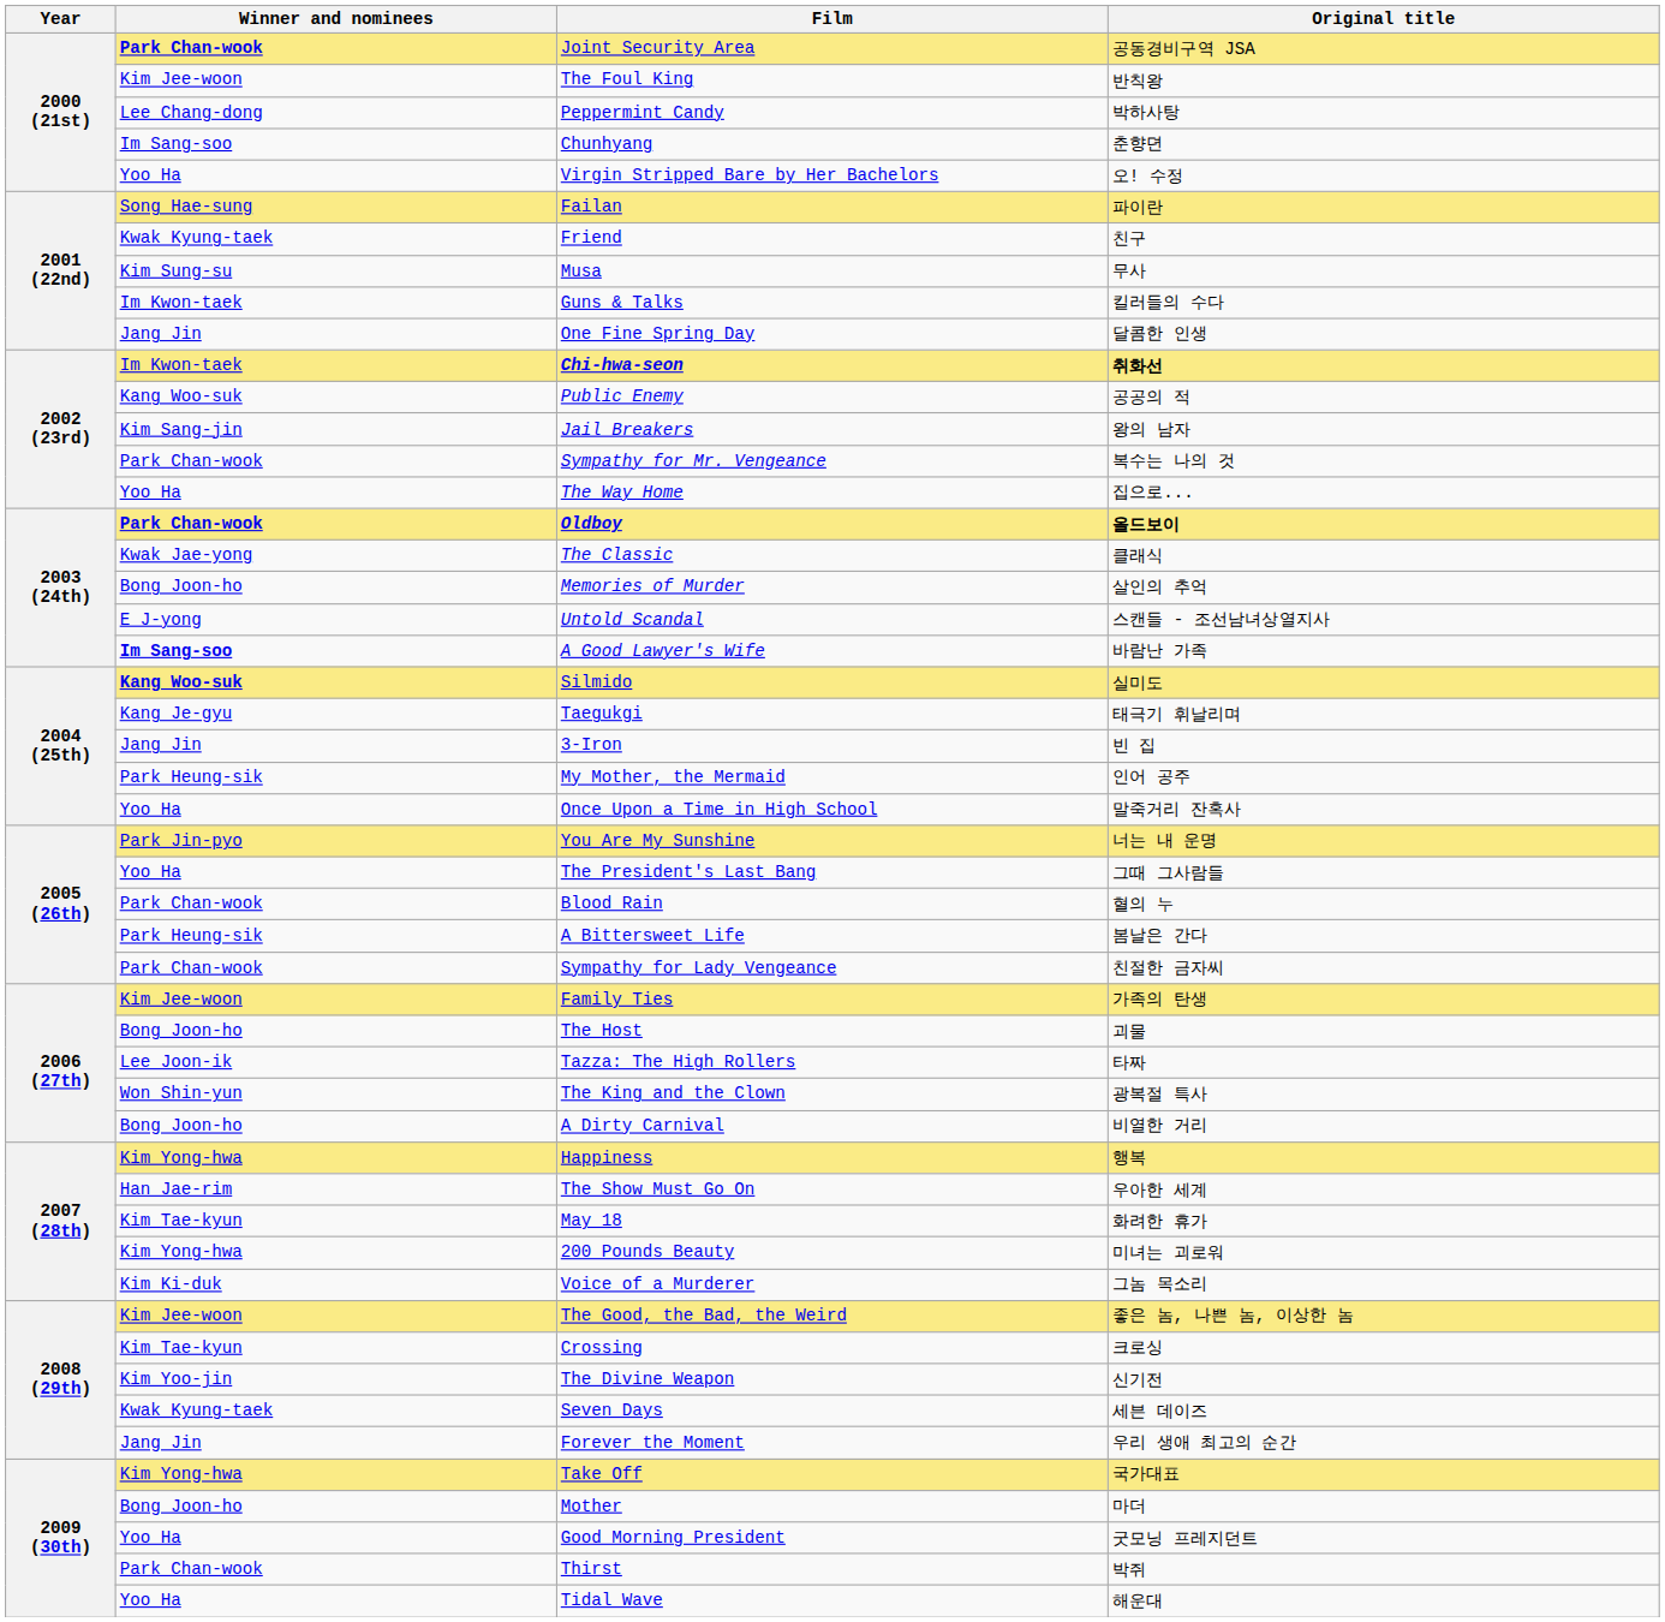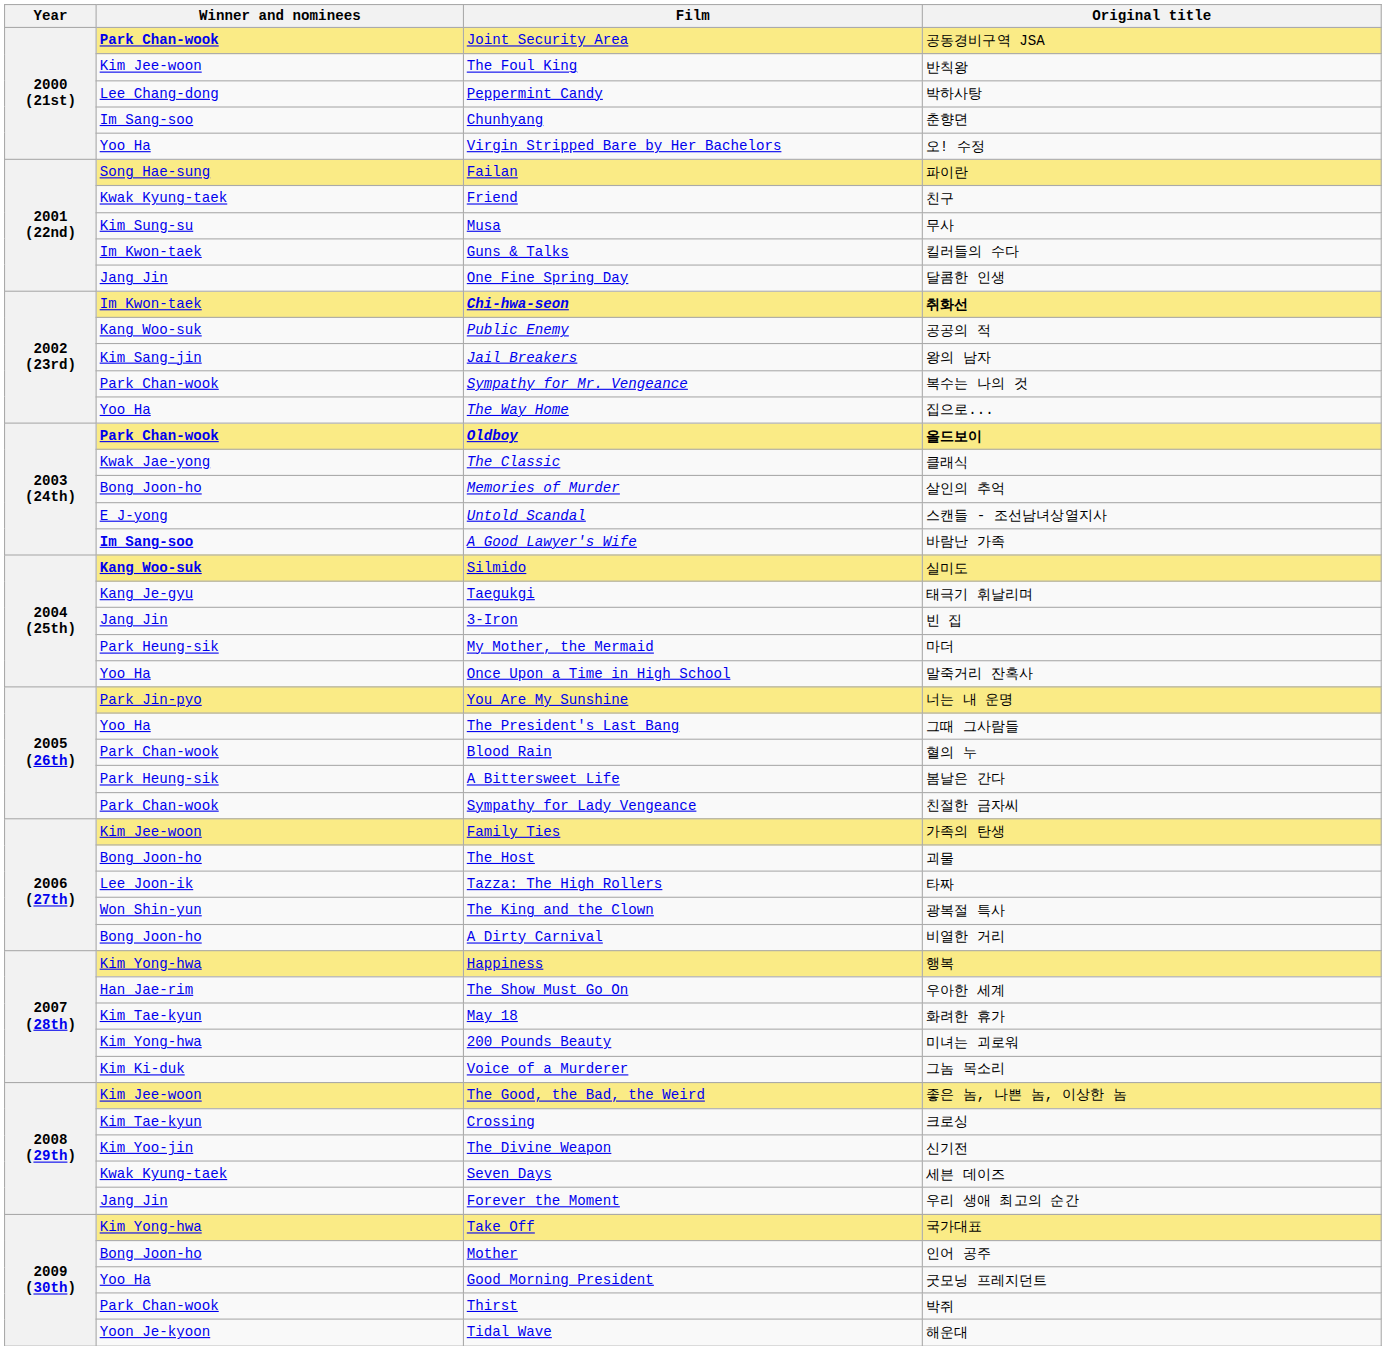 <table class="wikitable" style="width:100%;" cellpadding="6">
 <tr>
 <th style="width:5%;">Year</th>
 <th style="width:20%;">Winner and nominees</th>
 <th style="width:25%;">Film</th>
 <th style="width:25%;">Original title</th>
 </tr>
 <tr>
 <th rowspan="5"><div>2000<br>(21st) </div></th>
 <td style="background:#FAEB86;"><strong><a href='#'>Park Chan-wook</a> <em><strong><em></td>
 <td style="background:#FAEB86;"></em><a href='#'></strong>Joint Security Area<strong></a><em></td>
 <td style="background:#FAEB86;"></strong>공동경비구역 JSA<strong></td>
 </tr>
 <tr>
 <td><a href='#'>Kim Jee-woon</a></td>
 <td></em><a href='#'>The Foul King</a><em></td>
 <td>반칙왕</td>
 </tr>
 <tr>
 <td><a href='#'>Lee Chang-dong</a></td>
 <td></em><a href='#'>Peppermint Candy</a><em></td>
 <td>박하사탕</td>
 </tr>
 <tr>
 <td><a href='#'>Im Sang-soo</a></td>
 <td><a href='#'></em>Chunhyang<em></a></td>
 <td>춘향뎐</td>
 </tr>
 <tr>
 <td><a href='#'>Yoo Ha</a></td>
 <td></em><a href='#'>Virgin Stripped Bare by Her Bachelors</a><em></td>
 <td>오! 수정</td>
 </tr>
 <tr>
 <th rowspan="5"><div>2001<br>(22nd) </div></th>
 <td style="background:#FAEB86;"></strong><a href='#'>Song Hae-sung</a><strong> </em></strong><strong><em></td>
 <td style="background:#FAEB86;"></em></strong><a href='#'>Failan</a><strong><em></td>
 <td style="background:#FAEB86;"></strong>파이란<strong></td>
 </tr>
 <tr>
 <td><a href='#'>Kwak Kyung-taek</a></td>
 <td><a href='#'></em>Friend<em></a></td>
 <td>친구</td>
 </tr>
 <tr>
 <td><a href='#'>Kim Sung-su</a></td>
 <td><a href='#'></em>Musa<em></a></td>
 <td>무사</td>
 </tr>
 <tr>
 <td><a href='#'>Im Kwon-taek</a></td>
 <td></em><a href='#'>Guns & Talks</a><em></td>
 <td>킬러들의 수다</td>
 </tr>
 <tr>
 <td><a href='#'>Jang Jin</a></td>
 <td></em><a href='#'>One Fine Spring Day</a><em></td>
 <td>달콤한 인생</td>
 </tr>
 <tr>
 <th rowspan="5"><div>2002<br>(23rd) </div></th>
 <td style="background:#FAEB86;"></strong><a href='#'>Im Kwon-taek</a> </em></em></strong></td>
 <td style="background:#FAEB86;"><strong><em><a href='#'>Chi-hwa-seon</a></em></strong></td>
 <td style="background:#FAEB86;"><strong>취화선</strong></td>
 </tr>
 <tr>
 <td><a href='#'>Kang Woo-suk</a></td>
 <td><a href='#'><em>Public Enemy</em></a></td>
 <td>공공의 적</td>
 </tr>
 <tr>
 <td><a href='#'>Kim Sang-jin</a></td>
 <td><em><a href='#'>Jail Breakers</a></em></td>
 <td>왕의 남자</td>
 </tr>
 <tr>
 <td><a href='#'>Park Chan-wook</a></td>
 <td><em><a href='#'>Sympathy for Mr. Vengeance</a></em></td>
 <td>복수는 나의 것</td>
 </tr>
 <tr>
 <td><a href='#'>Yoo Ha</a></td>
 <td><a href='#'><em>The Way Home</em></a></td>
 <td>집으로...</td>
 </tr>
 <tr>
 <th rowspan="5"><div>2003<br>(24th) </div></th>
 <td style="background:#FAEB86;"><strong><a href='#'>Park Chan-wook</a></strong> <em></em></td>
 <td style="background:#FAEB86;"><a href='#'><strong><em>Oldboy</em></strong></a></td>
 <td style="background:#FAEB86;"><strong>올드보이</strong></td>
 </tr>
 <tr>
 <td><a href='#'>Kwak Jae-yong</a></td>
 <td><em><a href='#'>The Classic</a></em></td>
 <td>클래식</td>
 </tr>
 <tr>
 <td><a href='#'>Bong Joon-ho</a></td>
 <td><em><a href='#'>Memories of Murder</a></em></td>
 <td>살인의 추억</td>
 </tr>
 <tr>
 <td><a href='#'>E J-yong</a></td>
 <td><em><a href='#'>Untold Scandal</a></em></td>
 <td>스캔들 - 조선남녀상열지사</td>
 </tr>
 <tr>
 <td><strong><a href='#'>Im Sang-soo</a></strong></td>
 <td><em><a href='#'>A Good Lawyer's Wife</a></em></td>
 <td>바람난 가족</td>
 </tr>
 <tr>
 <th rowspan="5"><div>2004<br>(25th) </div></th>
 <td style="background:#FAEB86;"><strong><a href='#'>Kang Woo-suk</a> <em><strong><em></td>
 <td style="background:#FAEB86;"></em></strong><a href='#'>Silmido</a><strong><em></td>
 <td style="background:#FAEB86;"></strong>실미도<strong></td>
 </tr>
 <tr>
 <td><a href='#'>Kang Je-gyu</a></td>
 <td><a href='#'></em>Taegukgi<em></a></td>
 <td>태극기 휘날리며</td>
 </tr>
 <tr>
 <td><a href='#'>Jang Jin</a></td>
 <td></em><a href='#'>3-Iron</a><em></td>
 <td>빈 집</td>
 </tr>
 <tr>
 <td><a href='#'>Park Heung-sik</a></td>
 <td></em><a href='#'>My Mother, the Mermaid</a><em></td>
-<td>인어 공주</td>
+<td>마더</td>
 </tr>
 <tr>
 <td><a href='#'>Yoo Ha</a></td>
 <td></em><a href='#'>Once Upon a Time in High School</a><em></td>
 <td>말죽거리 잔혹사</td>
 </tr>
 <tr>
 <th rowspan="5">2005<br>(<a href='#'>26th</a>)</th>
 <td style="background:#FAEB86;"></strong><a href='#'>Park Jin-pyo</a><strong> </em><em></td>
 <td style="background:#FAEB86;"><a href='#'></em></strong>You Are My Sunshine<strong><em></a></td>
 <td style="background:#FAEB86;"></strong>너는 내 운명<strong></td>
 </tr>
 <tr>
 <td><a href='#'>Yoo Ha</a></td>
 <td></em><a href='#'>The President's Last Bang</a><em></td>
 <td>그때 그사람들</td>
 </tr>
 <tr>
 <td><a href='#'>Park Chan-wook</a></td>
 <td><a href='#'></em>Blood Rain<em></a></td>
 <td>혈의 누</td>
 </tr>
 <tr>
 <td><a href='#'>Park Heung-sik</a></td>
 <td></em><a href='#'>A Bittersweet Life</a><em></td>
 <td>봄날은 간다</td>
 </tr>
 <tr>
 <td><a href='#'>Park Chan-wook</a></td>
 <td></em><a href='#'>Sympathy for Lady Vengeance</a><em></td>
 <td>친절한 금자씨</td>
 </tr>
 <tr>
 <th rowspan="5"><div><br>2006<br>(<a href='#'>27th</a>)<br></div></th>
 <td style="background:#FAEB86;"></strong><a href='#'>Kim Jee-woon</a><strong> </em><em></td>
 <td style="background:#FAEB86;"><a href='#'></em></strong>Family Ties<strong><em></a></td>
 <td style="background:#FAEB86;"></strong>가족의 탄생<strong></td>
 </tr>
 <tr>
 <td><a href='#'>Bong Joon-ho</a></td>
 <td></em><a href='#'>The Host</a> <em></td>
 <td>괴물</td>
 </tr>
 <tr>
 <td><a href='#'>Lee Joon-ik</a></td>
 <td></em><a href='#'>Tazza: The High Rollers</a><em></td>
 <td>타짜</td>
 </tr>
 <tr>
 <td><a href='#'>Won Shin-yun</a></td>
 <td></em><a href='#'>The King and the Clown</a><em></td>
 <td>광복절 특사</td>
 </tr>
 <tr>
 <td><a href='#'>Bong Joon-ho</a></td>
 <td></em><a href='#'>A Dirty Carnival</a><em></td>
 <td>비열한 거리</td>
 </tr>
 <tr>
 <th rowspan="5">2007<br>(<a href='#'>28th</a>)</th>
 <td style="background:#FAEB86;"></strong><a href='#'>Kim Yong-hwa</a><strong> </em><em></td>
 <td style="background:#FAEB86;"><a href='#'></em></strong>Happiness<strong><em></a></td>
 <td style="background:#FAEB86;"></strong>행복<strong></td>
 </tr>
 <tr>
 <td><a href='#'>Han Jae-rim</a></td>
 <td></em><a href='#'>The Show Must Go On</a><em></td>
 <td>우아한 세계</td>
 </tr>
 <tr>
 <td><a href='#'>Kim Tae-kyun</a></td>
 <td><a href='#'></em>May 18<em></a></td>
 <td>화려한 휴가</td>
 </tr>
 <tr>
 <td><a href='#'>Kim Yong-hwa</a></td>
 <td></em><a href='#'>200 Pounds Beauty</a><em></td>
 <td>미녀는 괴로워</td>
 </tr>
 <tr>
 <td><a href='#'>Kim Ki-duk</a></td>
 <td></em><a href='#'>Voice of a Murderer</a><em></td>
 <td>그놈 목소리</td>
 </tr>
 <tr>
 <th rowspan="5">2008<br>(<a href='#'>29th</a>)</th>
 <td style="background:#FAEB86;"></strong><a href='#'>Kim Jee-woon</a><strong> </em><em></td>
 <td style="background:#FAEB86;"></em></strong><a href='#'>The Good, the Bad, the Weird</a><strong><em></td>
 <td style="background:#FAEB86;"></strong>좋은 놈, 나쁜 놈, 이상한 놈<strong></td>
 </tr>
 <tr>
 <td><a href='#'>Kim Tae-kyun</a></td>
 <td><a href='#'></em>Crossing<em></a></td>
 <td>크로싱</td>
 </tr>
 <tr>
 <td><a href='#'>Kim Yoo-jin</a></td>
 <td></em><a href='#'>The Divine Weapon</a><em></td>
 <td>신기전</td>
 </tr>
 <tr>
 <td><a href='#'>Kwak Kyung-taek</a></td>
 <td></em><a href='#'>Seven Days</a><em></td>
 <td>세븐 데이즈</td>
 </tr>
 <tr>
 <td><a href='#'>Jang Jin</a></td>
 <td></em><a href='#'>Forever the Moment</a><em></td>
 <td>우리 생애 최고의 순간</td>
 </tr>
 <tr>
 <th rowspan="5">2009<br>(<a href='#'>30th</a>)</th>
 <td style="background:#FAEB86;"></strong><a href='#'>Kim Yong-hwa</a><strong> </em><em></td>
 <td style="background:#FAEB86;"><a href='#'></em></strong>Take Off<strong><em></a></td>
 <td style="background:#FAEB86;"></strong>국가대표<strong></td>
 </tr>
 <tr>
 <td><a href='#'>Bong Joon-ho</a></td>
 <td></em><a href='#'>Mother</a><em></td>
-<td>마더</td>
+<td>인어 공주</td>
 </tr>
 <tr>
 <td><a href='#'>Yoo Ha</a></td>
 <td></em><a href='#'>Good Morning President</a><em></td>
 <td>굿모닝 프레지던트</td>
 </tr>
 <tr>
 <td><a href='#'>Park Chan-wook</a></td>
 <td><a href='#'></em>Thirst<em></a></td>
 <td>박쥐</td>
 </tr>
 <tr>
-<td><a href='#'>Yoo Ha</a></td>
+<td><a href='#'>Yoon Je-kyoon</a></td>
 <td><a href='#'></em>Tidal Wave<em></a></td>
 <td>해운대</td>
 </tr>
 <tr>
 </tr>
 </table>
